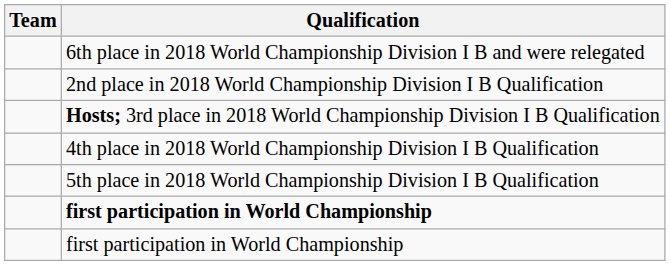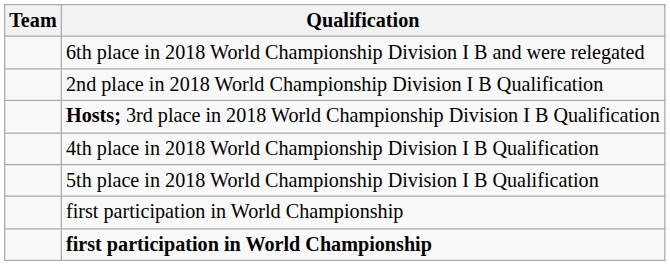 <table class="wikitable">
 <tr>
 <th>Team</th>
 <th>Qualification</th>
 </tr>
 <tr>
 <td></td>
 <td>6th place in 2018 World Championship Division I B and were relegated</td>
 </tr>
 <tr>
 <td></td>
 <td>2nd place in 2018 World Championship Division I B Qualification</td>
 </tr>
 <tr>
 <td></td>
 <td><strong>Hosts;</strong> 3rd place in 2018 World Championship Division I B Qualification</td>
 </tr>
 <tr>
 <td></td>
 <td>4th place in 2018 World Championship Division I B Qualification</td>
 </tr>
 <tr>
 <td></td>
 <td>5th place in 2018 World Championship Division I B Qualification</td>
 </tr>
 <tr>
 <td></td>
-<td><strong>first participation in World Championship</strong></td>
+<td>first participation in World Championship</td>
 </tr>
 <tr>
 <td></td>
-<td>first participation in World Championship</td>
+<td><strong>first participation in World Championship</strong></td>
 </tr>
 </table>
